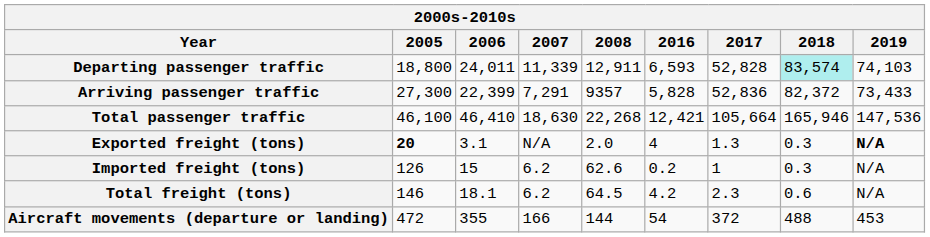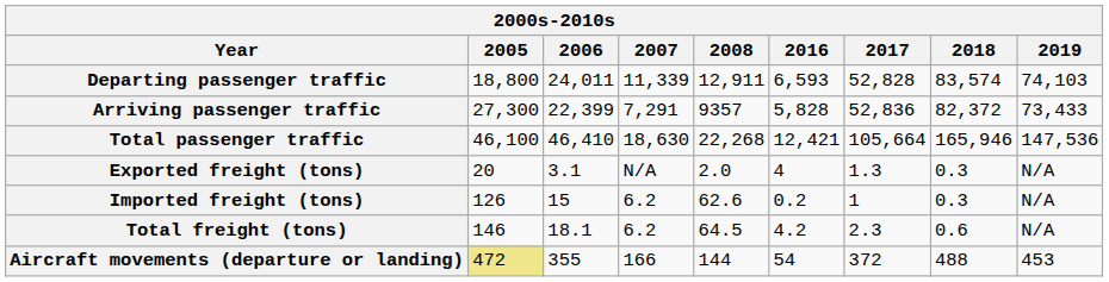 <table class="wikitable mw-collapsible">
 <tr>
 <th colspan="9">2000s-2010s</th>
 </tr>
 <tr>
 <th>Year</th>
 <th>2005</th>
 <th>2006</th>
 <th>2007</th>
 <th>2008</th>
 <th>2016</th>
 <th>2017</th>
 <th>2018</th>
 <th>2019</th>
 </tr>
 <tr>
 <th>Departing passenger traffic</th>
 <td>18,800</td>
 <td>24,011</td>
 <td>11,339</td>
 <td>12,911</td>
 <td>6,593</td>
 <td>52,828</td>
-<td style="background: paleturquoise;">83,574</td>
+<td>83,574</td>
 <td>74,103</td>
 </tr>
 <tr>
 <th>Arriving passenger traffic</th>
 <td>27,300</td>
 <td>22,399</td>
 <td>7,291</td>
 <td>9357</td>
 <td>5,828</td>
 <td>52,836</td>
 <td>82,372</td>
 <td>73,433</td>
 </tr>
 <tr>
 <th>Total passenger traffic</th>
 <td>46,100</td>
 <td>46,410</td>
 <td>18,630</td>
 <td>22,268</td>
 <td>12,421</td>
 <td>105,664</td>
 <td>165,946</td>
 <td>147,536</td>
 </tr>
 <tr>
 <th>Exported freight (tons)</th>
-<td><strong>20</strong></td>
+<td>20</td>
 <td>3.1</td>
 <td>N/A</td>
 <td>2.0</td>
 <td>4</td>
 <td>1.3</td>
 <td>0.3</td>
-<td><strong>N/A</strong></td>
+<td>N/A</td>
 </tr>
 <tr>
 <th>Imported freight (tons)</th>
 <td>126</td>
 <td>15</td>
 <td>6.2</td>
 <td>62.6</td>
 <td>0.2</td>
 <td>1</td>
 <td>0.3</td>
 <td>N/A</td>
 </tr>
 <tr>
 <th>Total freight (tons)</th>
 <td>146</td>
 <td>18.1</td>
 <td>6.2</td>
 <td>64.5</td>
 <td>4.2</td>
 <td>2.3</td>
 <td>0.6</td>
 <td>N/A</td>
 </tr>
 <tr>
 <th>Aircraft movements (departure or landing)</th>
-<td>472</td>
+<td style="background: khaki;">472</td>
 <td>355</td>
 <td>166</td>
 <td>144</td>
 <td>54</td>
 <td>372</td>
 <td>488</td>
 <td>453</td>
 </tr>
 </table>
